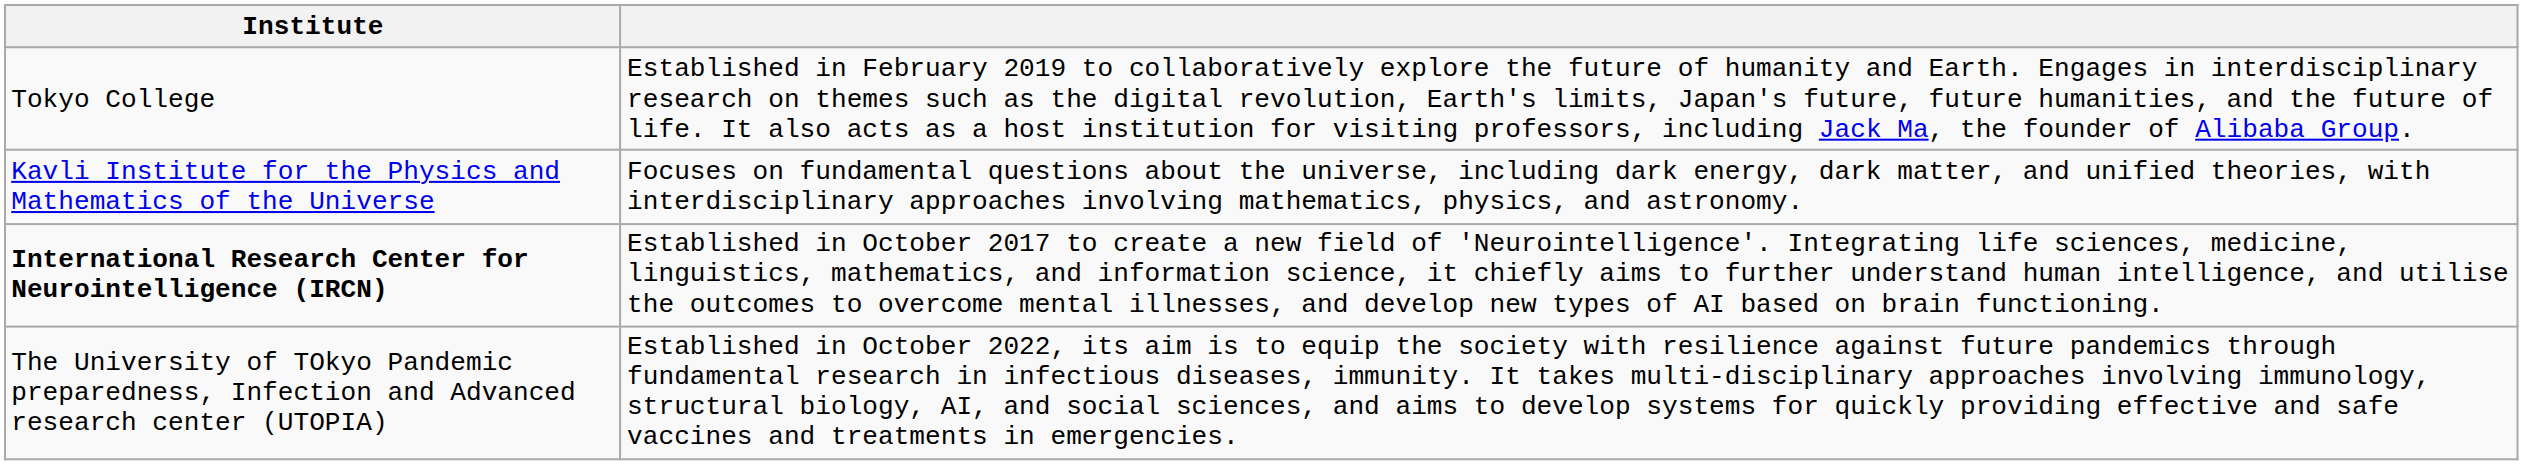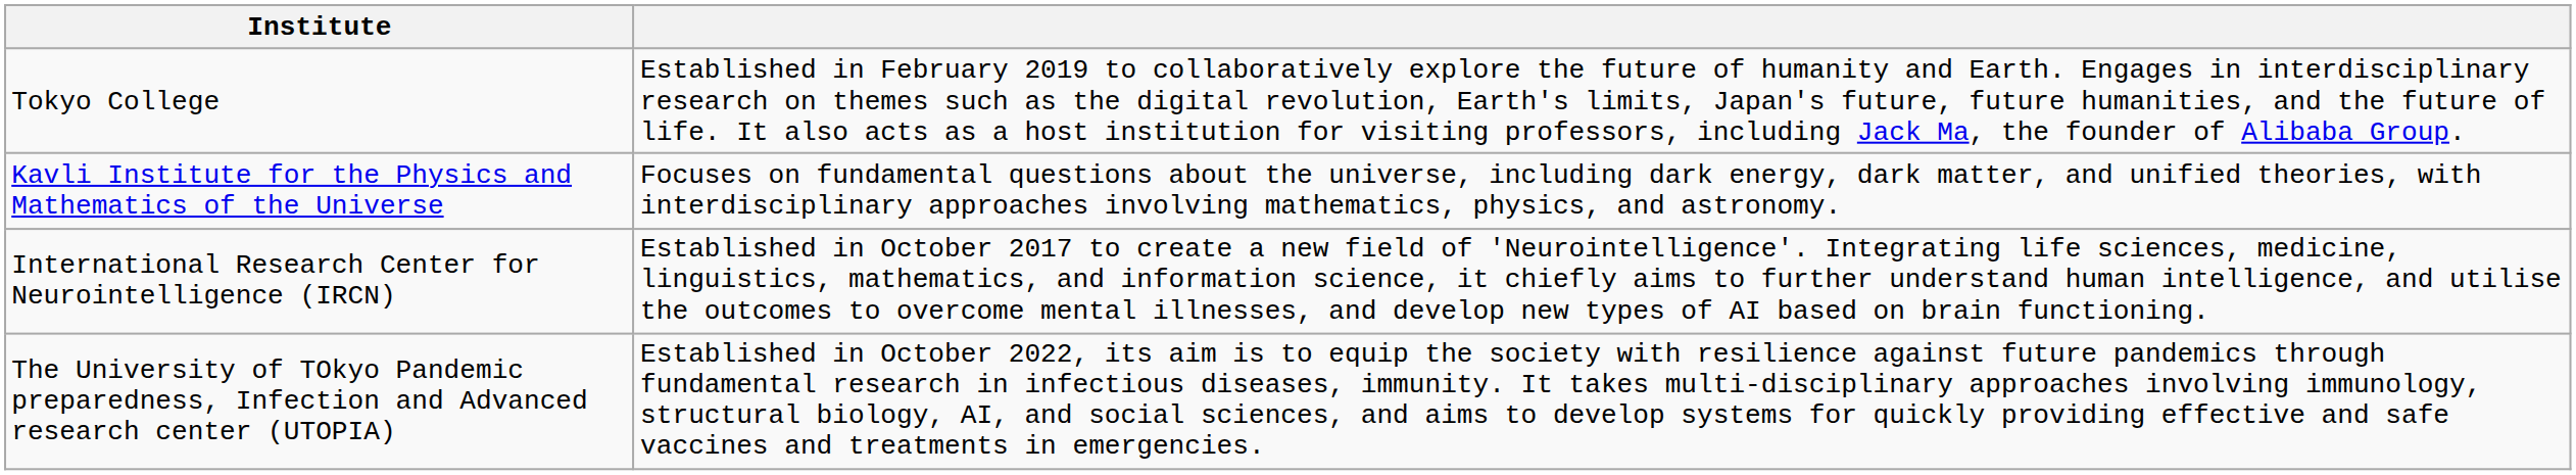 <table class="wikitable">
 <tr>
 <th>Institute</th>
 <th></th>
 </tr>
 <tr>
 <td>Tokyo College</td>
 <td>Established in February 2019 to collaboratively explore the future of humanity and Earth. Engages in interdisciplinary research on themes such as the digital revolution, Earth's limits, Japan's future, future humanities, and the future of life. It also acts as a host institution for visiting professors, including <a href='#'>Jack Ma</a>, the founder of <a href='#'>Alibaba Group</a>.</td>
 </tr>
 <tr>
 <td><a href='#'>Kavli Institute for the Physics and Mathematics of the Universe</a></td>
 <td>Focuses on fundamental questions about the universe, including dark energy, dark matter, and unified theories, with interdisciplinary approaches involving mathematics, physics, and astronomy.</td>
 </tr>
 <tr>
-<td><strong>International Research Center for Neurointelligence (IRCN)</strong></td>
+<td>International Research Center for Neurointelligence (IRCN)</td>
 <td>Established in October 2017 to create a new field of 'Neurointelligence'. Integrating life sciences, medicine, linguistics, mathematics, and information science, it chiefly aims to further understand human intelligence, and utilise the outcomes to overcome mental illnesses, and develop new types of AI based on brain functioning.</td>
 </tr>
 <tr>
 <td>The University of TOkyo Pandemic preparedness, Infection and Advanced research center (UTOPIA)</td>
 <td>Established in October 2022, its aim is to equip the society with resilience against future pandemics through fundamental research in infectious diseases, immunity. It takes multi-disciplinary approaches involving immunology, structural biology, AI, and social sciences, and aims to develop systems for quickly providing effective and safe vaccines and treatments in emergencies.</td>
 </tr>
 </table>
